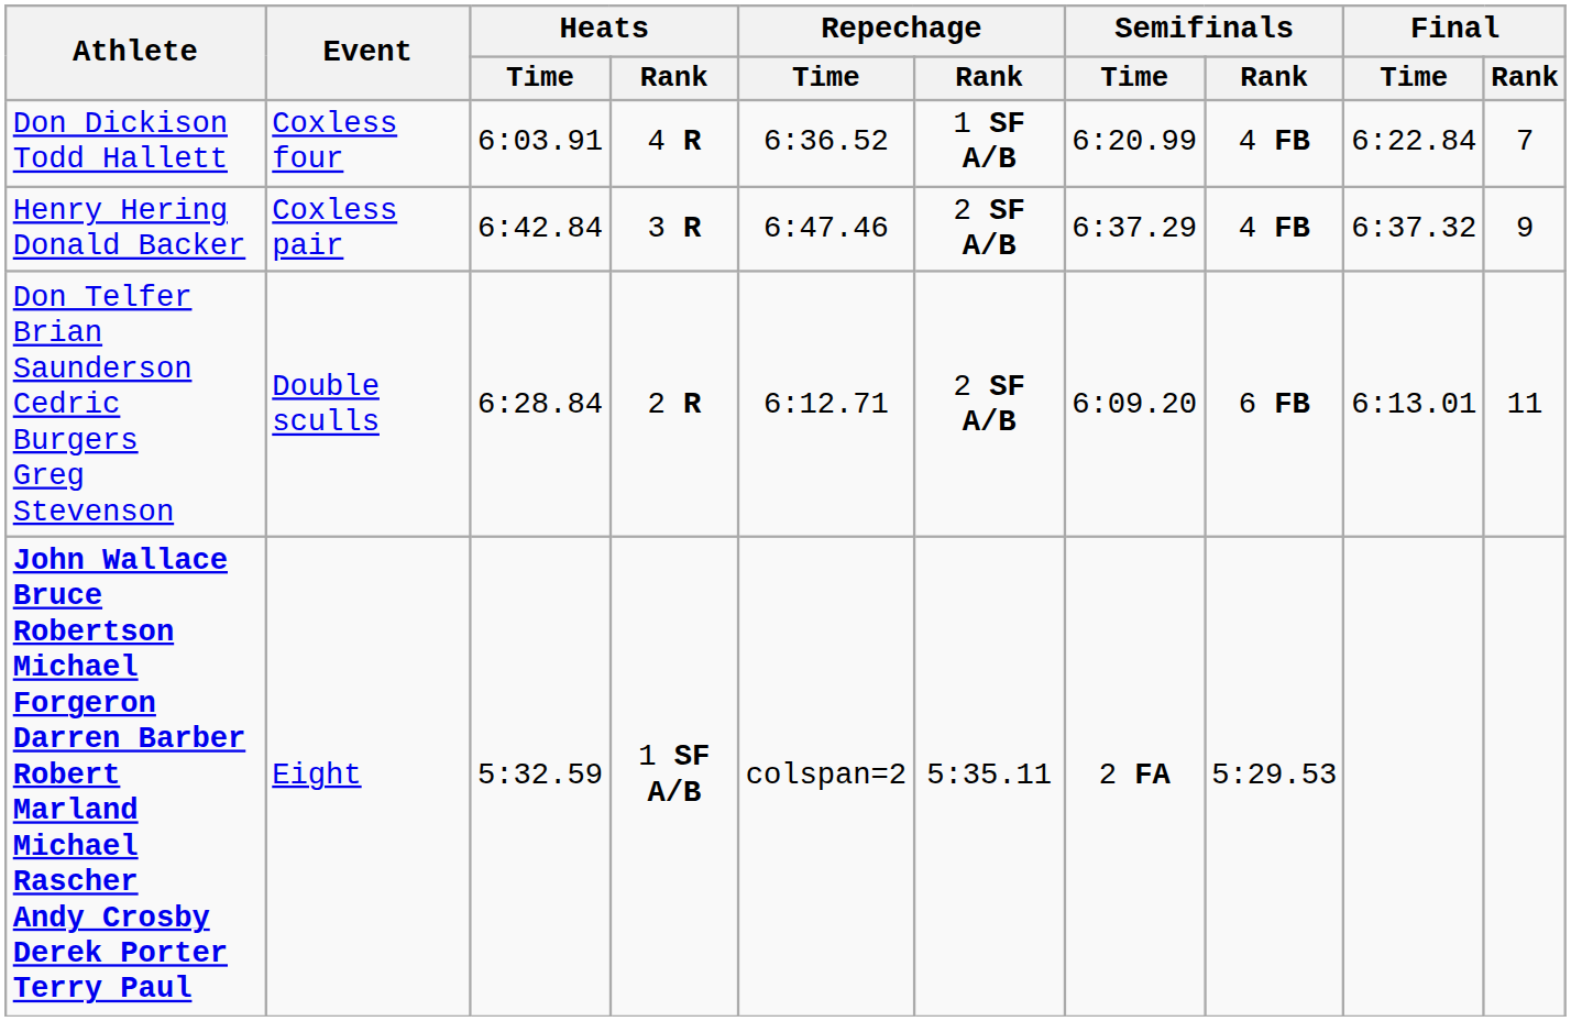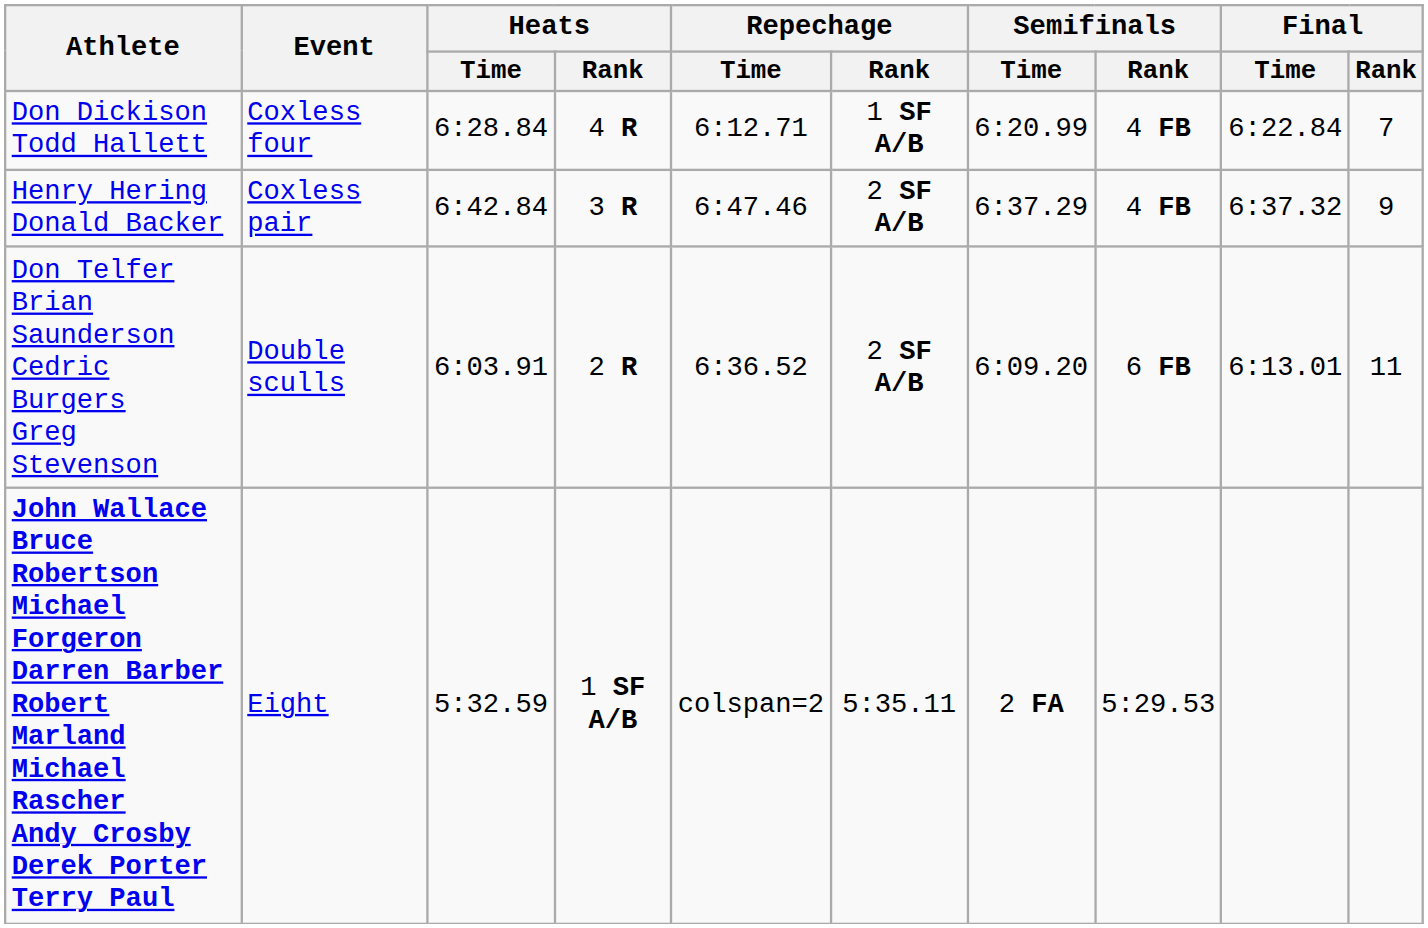 <table class="wikitable" style="font-size:90%">
 <tr>
 <th rowspan="2">Athlete</th>
 <th rowspan="2">Event</th>
 <th colspan="2">Heats</th>
 <th colspan="2">Repechage</th>
 <th colspan="2">Semifinals</th>
 <th colspan="2">Final</th>
 </tr>
 <tr style="font-size:95%">
 <th>Time</th>
 <th>Rank</th>
 <th>Time</th>
 <th>Rank</th>
 <th>Time</th>
 <th>Rank</th>
 <th>Time</th>
 <th>Rank</th>
 </tr>
 <tr align=center>
 <td align=left><a href='#'>Don Dickison</a><br><a href='#'>Todd Hallett</a></td>
 <td align=left><a href='#'>Coxless four</a></td>
-<td>6:03.91</td>
+<td>6:28.84</td>
 <td>4 <strong>R</strong></td>
-<td>6:36.52</td>
+<td>6:12.71</td>
 <td>1 <strong>SF A/B</strong></td>
 <td>6:20.99</td>
 <td>4 <strong>FB</strong></td>
 <td>6:22.84</td>
 <td>7</td>
 </tr>
 <tr align=center>
 <td align=left><a href='#'>Henry Hering</a><br><a href='#'>Donald Backer</a></td>
 <td align=left><a href='#'>Coxless pair</a></td>
 <td>6:42.84</td>
 <td>3 <strong>R</strong></td>
 <td>6:47.46</td>
 <td>2 <strong>SF A/B</strong></td>
 <td>6:37.29</td>
 <td>4 <strong>FB</strong></td>
 <td>6:37.32</td>
 <td>9</td>
 </tr>
 <tr align=center>
 <td align=left><a href='#'>Don Telfer</a><br><a href='#'>Brian Saunderson</a><br><a href='#'>Cedric Burgers</a><br><a href='#'>Greg Stevenson</a></td>
 <td align=left><a href='#'>Double sculls</a></td>
-<td>6:28.84</td>
+<td>6:03.91</td>
 <td>2 <strong>R</strong></td>
-<td>6:12.71</td>
+<td>6:36.52</td>
 <td>2 <strong>SF A/B</strong></td>
 <td>6:09.20</td>
 <td>6 <strong>FB</strong></td>
 <td>6:13.01</td>
 <td>11</td>
 </tr>
 <tr align=center>
 <td align=left><strong><a href='#'>John Wallace</a><br><a href='#'>Bruce Robertson</a><br><a href='#'>Michael Forgeron</a><br><a href='#'>Darren Barber</a><br><a href='#'>Robert Marland</a><br><a href='#'>Michael Rascher</a><br><a href='#'>Andy Crosby</a><br><a href='#'>Derek Porter</a><br><a href='#'>Terry Paul</a></strong></td>
 <td align=left><a href='#'>Eight</a></td>
 <td>5:32.59</td>
 <td>1 <strong>SF A/B</strong></td>
 <td>colspan=2</td>
 <td>5:35.11</td>
 <td>2 <strong>FA</strong></td>
 <td>5:29.53</td>
 <td></td>
 </tr>
 </table>
